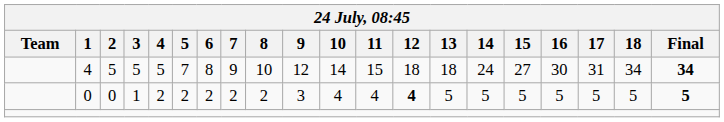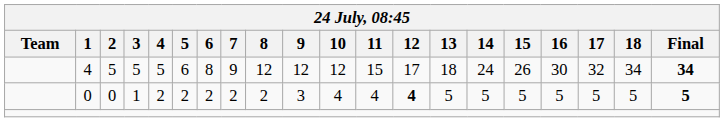 <table class=wikitable style="text-align:center; width: 55%">
 <tr>
 <th colspan=20><em>24 July, 08:45</em></th>
 </tr>
 <tr>
 <th>Team</th>
 <th>1</th>
 <th>2</th>
 <th>3</th>
 <th>4</th>
 <th>5</th>
 <th>6</th>
 <th>7</th>
 <th>8</th>
 <th>9</th>
 <th>10</th>
 <th>11</th>
 <th>12</th>
 <th>13</th>
 <th>14</th>
 <th>15</th>
 <th>16</th>
 <th>17</th>
 <th>18</th>
 <th>Final</th>
 </tr>
 <tr>
 <td align=left><strong></strong></td>
 <td>4</td>
 <td>5</td>
 <td>5</td>
 <td>5</td>
-<td>7</td>
+<td>6</td>
 <td>8</td>
 <td>9</td>
-<td>10</td>
 <td>12</td>
-<td>14</td>
+<td>12</td>
+<td>12</td>
 <td>15</td>
-<td>18</td>
+<td>17</td>
 <td>18</td>
 <td>24</td>
-<td>27</td>
+<td>26</td>
 <td>30</td>
-<td>31</td>
+<td>32</td>
 <td>34</td>
 <td><strong>34</strong></td>
 </tr>
 <tr>
 <td align=left></td>
 <td>0</td>
 <td>0</td>
 <td>1</td>
 <td>2</td>
 <td>2</td>
 <td>2</td>
 <td>2</td>
 <td>2</td>
 <td>3</td>
 <td>4</td>
 <td>4</td>
 <td><strong>4</strong></td>
 <td>5</td>
 <td>5</td>
 <td>5</td>
 <td>5</td>
 <td>5</td>
 <td>5</td>
 <td><strong>5</strong></td>
 </tr>
 <tr>
 <td colspan=20></td>
 </tr>
 </table>
